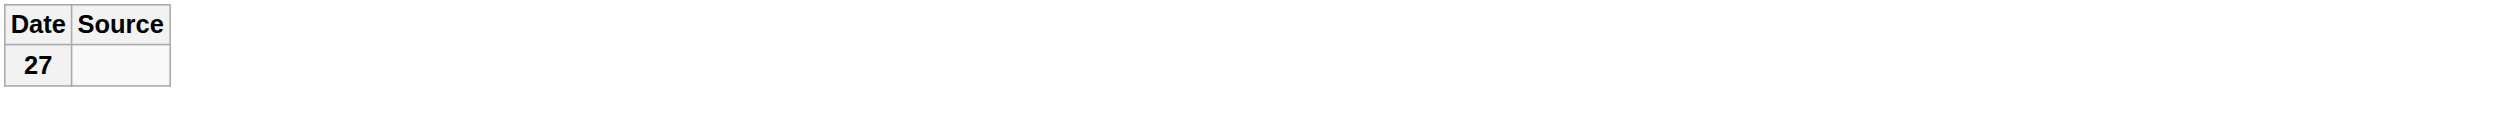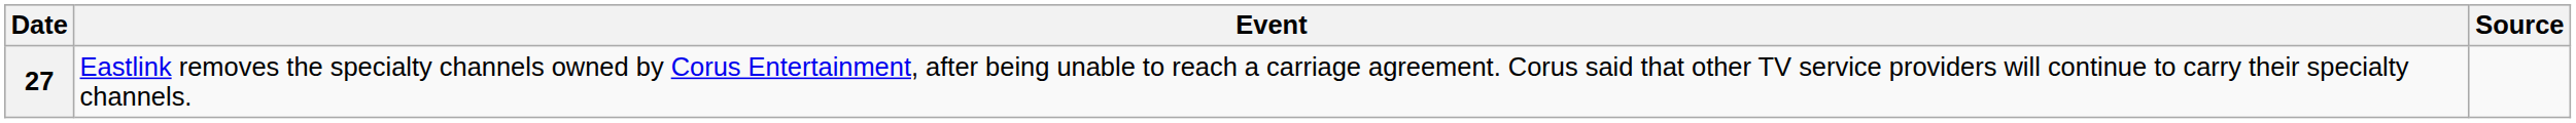 <table class="wikitable">
 <tr>
 <th>Date</th>
+<th>Event</th>
 <th>Source</th>
 </tr>
 <tr>
 <th>27</th>
+<td><a href='#'>Eastlink</a> removes the specialty channels owned by <a href='#'>Corus Entertainment</a>, after being unable to reach a carriage agreement. Corus said that other TV service providers will continue to carry their specialty channels.</td>
 <td></td>
 </tr>
 </table>
